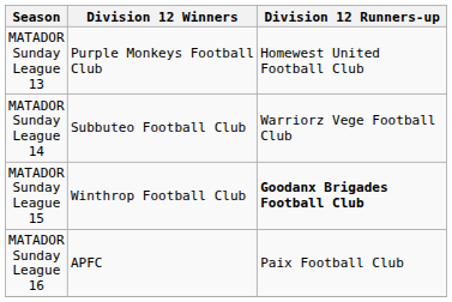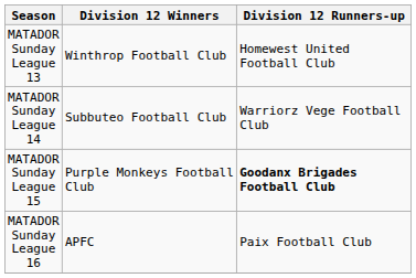 <table class="wikitable" style="text-align:center">
 <tr>
 <th width='25'>Season</th>
 <th width='180'>Division 12 Winners</th>
 <th width='180'>Division 12 Runners-up</th>
 </tr>
 <tr>
 <td>MATADOR Sunday League 13</td>
-<td align='left'>Purple Monkeys Football Club</td>
+<td align='left'>Winthrop Football Club</td>
 <td align='left'>Homewest United Football Club</td>
 </tr>
 <tr>
 <td>MATADOR Sunday League 14</td>
 <td align='left'>Subbuteo Football Club</td>
 <td align='left'>Warriorz Vege Football Club</td>
 </tr>
 <tr>
 <td>MATADOR Sunday League 15</td>
-<td align='left'>Winthrop Football Club</td>
+<td align='left'>Purple Monkeys Football Club</td>
 <td align='left'><strong>Goodanx Brigades Football Club</strong></td>
 </tr>
 <tr>
 <td>MATADOR Sunday League 16</td>
 <td align='left'>APFC</td>
 <td align='left'>Paix Football Club</td>
 </tr>
 <tr>
 </tr>
 </table>
